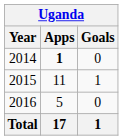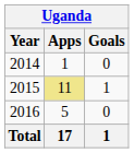 <table class="wikitable" style="text-align:center">
 <tr>
 <th colspan=3><a href='#'>Uganda</a></th>
 </tr>
 <tr>
 <th>Year</th>
 <th>Apps</th>
 <th>Goals</th>
 </tr>
 <tr>
 <td>2014</td>
-<td><strong>1</strong></td>
+<td>1</td>
 <td>0</td>
 </tr>
 <tr>
 <td>2015</td>
-<td>11</td>
+<td style="background: khaki;">11</td>
 <td>1</td>
 </tr>
 <tr>
 <td>2016</td>
 <td>5</td>
 <td>0</td>
 </tr>
 <tr>
 <th>Total</th>
 <th>17</th>
 <th>1</th>
 </tr>
 </table>
